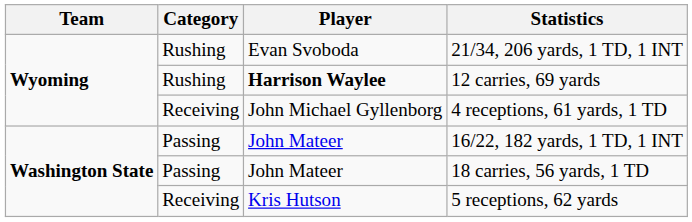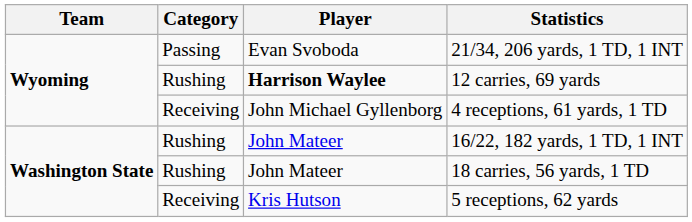 <table class="wikitable" style="float: right;">
 <tr>
 <th>Team</th>
 <th>Category</th>
 <th>Player</th>
 <th>Statistics</th>
 </tr>
 <tr>
 <td rowspan=3><strong>Wyoming</strong></td>
-<td>Rushing</td>
+<td>Passing</td>
 <td>Evan Svoboda</td>
 <td>21/34, 206 yards, 1 TD, 1 INT</td>
 </tr>
 <tr>
 <td>Rushing</td>
 <td><strong>Harrison Waylee</strong></td>
 <td>12 carries, 69 yards</td>
 </tr>
 <tr>
 <td>Receiving</td>
 <td>John Michael Gyllenborg</td>
 <td>4 receptions, 61 yards, 1 TD</td>
 </tr>
 <tr>
 <td rowspan=3><strong>Washington State</strong></td>
-<td>Passing</td>
+<td>Rushing</td>
 <td><a href='#'>John Mateer</a></td>
 <td>16/22, 182 yards, 1 TD, 1 INT</td>
 </tr>
 <tr>
-<td>Passing</td>
+<td>Rushing</td>
 <td>John Mateer</td>
 <td>18 carries, 56 yards, 1 TD</td>
 </tr>
 <tr>
 <td>Receiving</td>
 <td><a href='#'>Kris Hutson</a></td>
 <td>5 receptions, 62 yards</td>
 </tr>
 </table>
